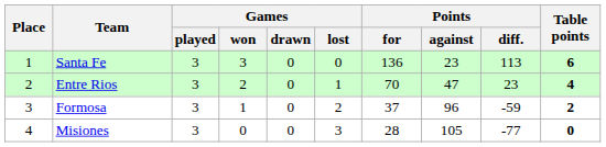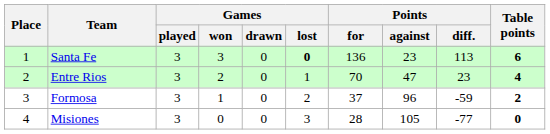 <table class="wikitable">
 <tr>
 <th rowspan=2 width="8%">Place</th>
 <th rowspan=2 width="20%">Team</th>
 <th colspan=4 width="32%">Games</th>
 <th colspan=3 width="30%">Points</th>
 <th rowspan=2 width="10%">Table<br>points</th>
 </tr>
 <tr>
 <th width="8%">played</th>
 <th width="8%">won</th>
 <th width="8%">drawn</th>
 <th width="8%">lost</th>
 <th width="10%">for</th>
 <th width="10%">against</th>
 <th width="10%">diff.</th>
 </tr>
 <tr align=center style="background: #ccffcc;">
 <td>1</td>
 <td align=left><a href='#'>Santa Fe</a></td>
 <td>3</td>
 <td>3</td>
 <td>0</td>
-<td>0</td>
+<td><strong>0</strong></td>
 <td>136</td>
 <td>23</td>
 <td>113</td>
 <td><strong>6</strong></td>
 </tr>
 <tr align=center style="background: #ccffcc;">
 <td>2</td>
 <td align=left><a href='#'>Entre Rios</a></td>
 <td>3</td>
 <td>2</td>
 <td>0</td>
 <td>1</td>
 <td>70</td>
 <td>47</td>
 <td>23</td>
 <td><strong>4</strong></td>
 </tr>
 <tr align=center style="background: #ffffff;">
 <td>3</td>
 <td align=left><a href='#'>Formosa</a></td>
 <td>3</td>
 <td>1</td>
 <td>0</td>
 <td>2</td>
 <td>37</td>
 <td>96</td>
 <td>-59</td>
 <td><strong>2</strong></td>
 </tr>
 <tr align=center style="background: #ffffff;">
 <td>4</td>
 <td align=left><a href='#'>Misiones</a></td>
 <td>3</td>
 <td>0</td>
 <td>0</td>
 <td>3</td>
 <td>28</td>
 <td>105</td>
 <td>-77</td>
 <td><strong>0</strong></td>
 </tr>
 </table>
